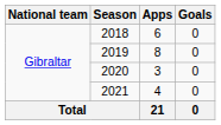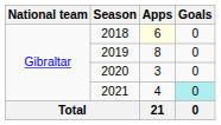 <table class="wikitable" style="text-align: center">
 <tr>
 <th>National team</th>
 <th>Season</th>
 <th>Apps</th>
 <th>Goals</th>
 </tr>
 <tr>
 <td rowspan="4"><a href='#'>Gibraltar</a></td>
 <td>2018</td>
-<td>6</td>
+<td style="background: lightyellow;">6</td>
 <td>0</td>
 </tr>
 <tr>
 <td>2019</td>
 <td>8</td>
 <td>0</td>
 </tr>
 <tr>
 <td>2020</td>
 <td>3</td>
 <td>0</td>
 </tr>
 <tr>
 <td>2021</td>
 <td>4</td>
-<td>0</td>
+<td style="background: paleturquoise;">0</td>
 </tr>
 <tr>
 <th colspan="2">Total</th>
 <th>21</th>
 <th>0</th>
 </tr>
 </table>
